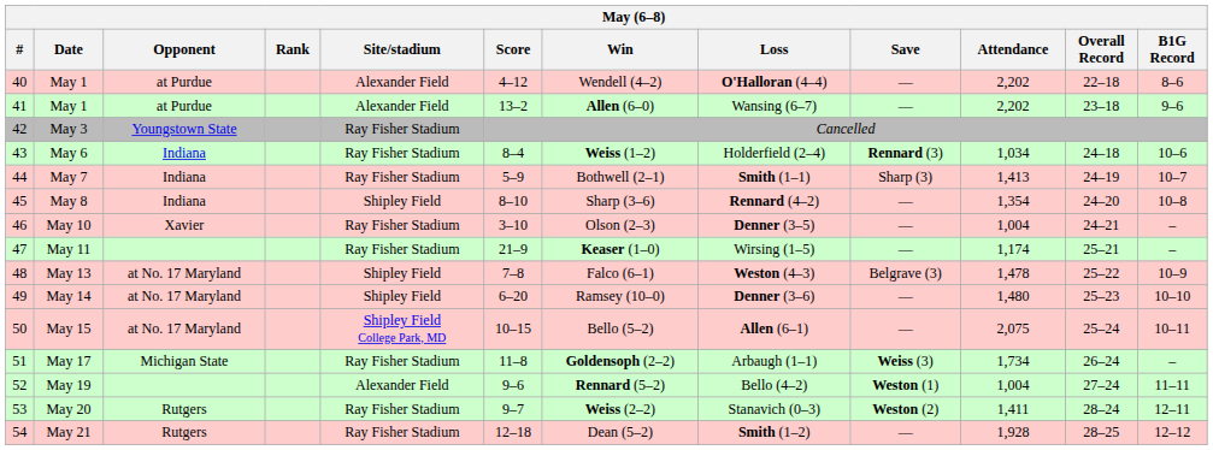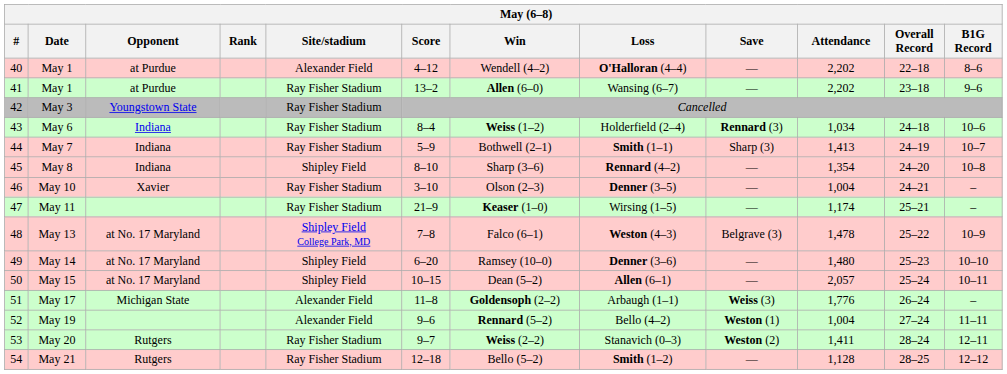 <table class="wikitable collapsible collapsed" style="margin:auto; width:100%; text-align:center; font-size:95%">
 <tr>
 <th colspan=12 style="padding-left:4em;">May (6–8)</th>
 </tr>
 <tr>
 <th>#</th>
 <th>Date</th>
 <th>Opponent</th>
 <th>Rank</th>
 <th>Site/stadium</th>
 <th>Score</th>
 <th>Win</th>
 <th>Loss</th>
 <th>Save</th>
 <th>Attendance</th>
 <th>Overall<br>Record</th>
 <th>B1G<br>Record</th>
 </tr>
 <tr align="center" bgcolor="#ffcccc">
 <td>40</td>
 <td>May 1</td>
 <td>at Purdue</td>
 <td></td>
 <td>Alexander Field</td>
 <td>4–12</td>
 <td>Wendell (4–2)</td>
 <td><strong>O'Halloran</strong> (4–4)</td>
 <td>—</td>
 <td>2,202</td>
 <td>22–18</td>
 <td>8–6</td>
 </tr>
 <tr align="center" bgcolor="#ccffcc">
 <td>41</td>
 <td>May 1</td>
 <td>at Purdue</td>
 <td></td>
-<td>Alexander Field</td>
+<td>Ray Fisher Stadium</td>
 <td>13–2</td>
 <td><strong>Allen</strong> (6–0)</td>
 <td>Wansing (6–7)</td>
 <td>—</td>
 <td>2,202</td>
 <td>23–18</td>
 <td>9–6</td>
 </tr>
 <tr align="center" bgcolor="#bbbbbb">
 <td>42</td>
 <td>May 3</td>
 <td><a href='#'>Youngstown State</a></td>
 <td></td>
 <td>Ray Fisher Stadium</td>
 <td colspan=9><em>Cancelled</em></td>
 </tr>
 <tr align="center" bgcolor="#ccffcc">
 <td>43</td>
 <td>May 6</td>
 <td><a href='#'>Indiana</a></td>
 <td></td>
 <td>Ray Fisher Stadium</td>
 <td>8–4</td>
 <td><strong>Weiss</strong> (1–2)</td>
 <td>Holderfield (2–4)</td>
 <td><strong>Rennard</strong> (3)</td>
 <td>1,034</td>
 <td>24–18</td>
 <td>10–6</td>
 </tr>
 <tr align="center" bgcolor="#ffcccc">
 <td>44</td>
 <td>May 7</td>
 <td>Indiana</td>
 <td></td>
 <td>Ray Fisher Stadium</td>
 <td>5–9</td>
 <td>Bothwell (2–1)</td>
 <td><strong>Smith</strong> (1–1)</td>
 <td>Sharp (3)</td>
 <td>1,413</td>
 <td>24–19</td>
 <td>10–7</td>
 </tr>
 <tr align="center" bgcolor="#ffcccc">
 <td>45</td>
 <td>May 8</td>
 <td>Indiana</td>
 <td></td>
 <td>Shipley Field</td>
 <td>8–10</td>
 <td>Sharp (3–6)</td>
 <td><strong>Rennard</strong> (4–2)</td>
 <td>—</td>
 <td>1,354</td>
 <td>24–20</td>
 <td>10–8</td>
 </tr>
 <tr align="center" bgcolor="#ffcccc">
 <td>46</td>
 <td>May 10</td>
 <td>Xavier</td>
 <td></td>
 <td>Ray Fisher Stadium</td>
 <td>3–10</td>
 <td>Olson (2–3)</td>
 <td><strong>Denner</strong> (3–5)</td>
 <td>—</td>
 <td>1,004</td>
 <td>24–21</td>
 <td>–</td>
 </tr>
 <tr align="center" bgcolor="#ccffcc">
 <td>47</td>
 <td>May 11</td>
 <td></td>
 <td></td>
 <td>Ray Fisher Stadium</td>
 <td>21–9</td>
 <td><strong>Keaser</strong> (1–0)</td>
 <td>Wirsing (1–5)</td>
 <td>—</td>
 <td>1,174</td>
 <td>25–21</td>
 <td>–</td>
 </tr>
 <tr align="center" bgcolor="#ffcccc">
 <td>48</td>
 <td>May 13</td>
 <td>at No. 17 Maryland</td>
 <td></td>
-<td>Shipley Field</td>
+<td><a href='#'>Shipley Field</a><br><small><a href='#'>College Park, MD</a></small></td>
 <td>7–8</td>
 <td>Falco (6–1)</td>
 <td><strong>Weston</strong> (4–3)</td>
 <td>Belgrave (3)</td>
 <td>1,478</td>
 <td>25–22</td>
 <td>10–9</td>
 </tr>
 <tr align="center" bgcolor="#ffcccc">
 <td>49</td>
 <td>May 14</td>
 <td>at No. 17 Maryland</td>
 <td></td>
 <td>Shipley Field</td>
 <td>6–20</td>
 <td>Ramsey (10–0)</td>
 <td><strong>Denner</strong> (3–6)</td>
 <td>—</td>
 <td>1,480</td>
 <td>25–23</td>
 <td>10–10</td>
 </tr>
 <tr align="center" bgcolor="#ffcccc">
 <td>50</td>
 <td>May 15</td>
 <td>at No. 17 Maryland</td>
 <td></td>
-<td><a href='#'>Shipley Field</a><br><small><a href='#'>College Park, MD</a></small></td>
+<td>Shipley Field</td>
 <td>10–15</td>
-<td>Bello (5–2)</td>
+<td>Dean (5–2)</td>
 <td><strong>Allen</strong> (6–1)</td>
 <td>—</td>
-<td>2,075</td>
+<td>2,057</td>
 <td>25–24</td>
 <td>10–11</td>
 </tr>
 <tr align="center" bgcolor="#ccffcc">
 <td>51</td>
 <td>May 17</td>
 <td>Michigan State</td>
 <td></td>
-<td>Ray Fisher Stadium</td>
+<td>Alexander Field</td>
 <td>11–8</td>
 <td><strong>Goldensoph</strong> (2–2)</td>
 <td>Arbaugh (1–1)</td>
 <td><strong>Weiss</strong> (3)</td>
-<td>1,734</td>
+<td>1,776</td>
 <td>26–24</td>
 <td>–</td>
 </tr>
 <tr align="center" bgcolor="#ccffcc">
 <td>52</td>
 <td>May 19</td>
 <td></td>
 <td></td>
 <td>Alexander Field</td>
 <td>9–6</td>
 <td><strong>Rennard</strong> (5–2)</td>
 <td>Bello (4–2)</td>
 <td><strong>Weston</strong> (1)</td>
 <td>1,004</td>
 <td>27–24</td>
 <td>11–11</td>
 </tr>
 <tr align="center" bgcolor="#ccffcc">
 <td>53</td>
 <td>May 20</td>
 <td>Rutgers</td>
 <td></td>
 <td>Ray Fisher Stadium</td>
 <td>9–7</td>
 <td><strong>Weiss</strong> (2–2)</td>
 <td>Stanavich (0–3)</td>
 <td><strong>Weston</strong> (2)</td>
 <td>1,411</td>
 <td>28–24</td>
 <td>12–11</td>
 </tr>
 <tr align="center" bgcolor="#ffcccc">
 <td>54</td>
 <td>May 21</td>
 <td>Rutgers</td>
 <td></td>
 <td>Ray Fisher Stadium</td>
 <td>12–18</td>
-<td>Dean (5–2)</td>
+<td>Bello (5–2)</td>
 <td><strong>Smith</strong> (1–2)</td>
 <td>—</td>
-<td>1,928</td>
+<td>1,128</td>
 <td>28–25</td>
 <td>12–12</td>
 </tr>
 </table>
